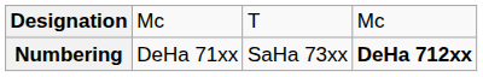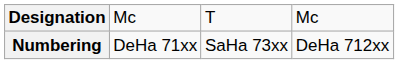 <table class="wikitable">
 <tr>
 <th>Designation</th>
 <td>Mc</td>
 <td>T</td>
 <td>Mc</td>
 </tr>
 <tr>
 <th>Numbering</th>
 <td>DeHa 71xx</td>
 <td>SaHa 73xx</td>
-<td><strong>DeHa 712xx</strong></td>
+<td>DeHa 712xx</td>
 </tr>
 </table>
